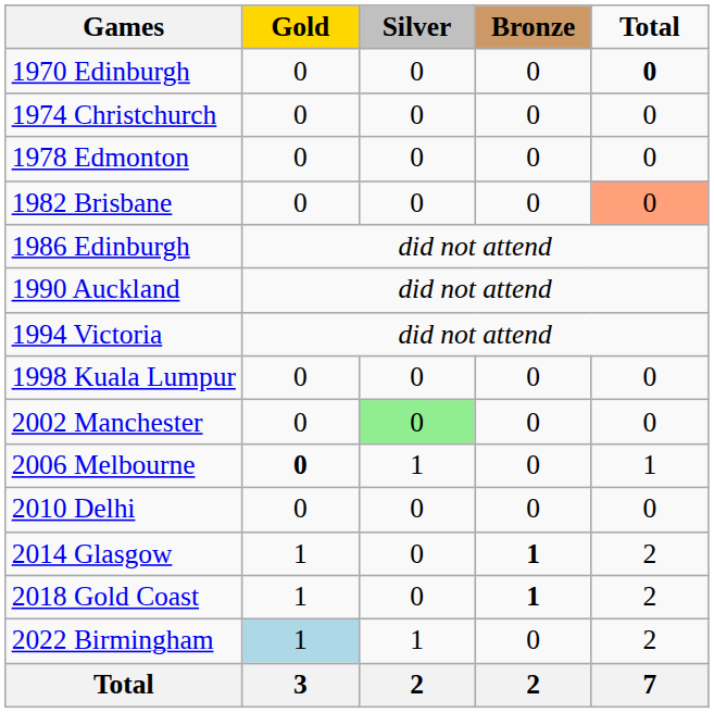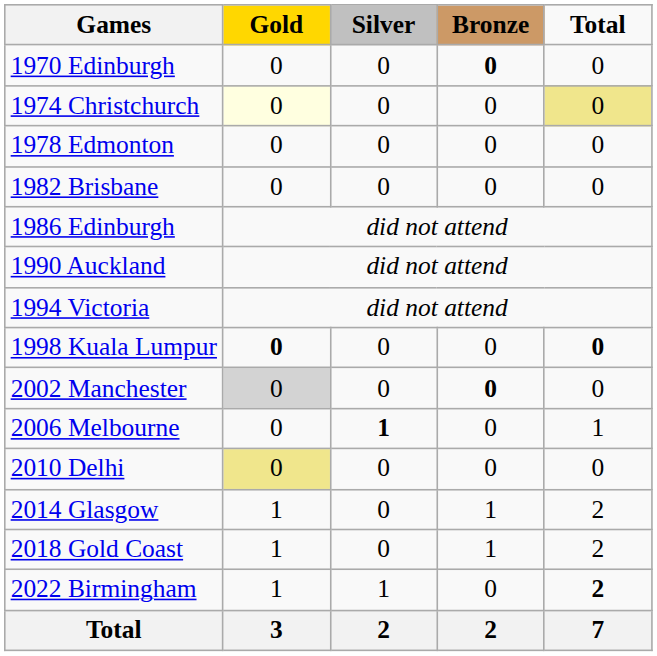 <table class="wikitable" style="text-align:center">
 <tr>
 <th>Games</th>
 <td width=60 bgcolor=gold><strong>Gold</strong></td>
 <td width=60 bgcolor=silver><strong>Silver</strong></td>
 <td width=60 bgcolor=cc9966><strong>Bronze</strong></td>
 <td width=60><strong>Total</strong></td>
 </tr>
 <tr>
 <td align=left><a href='#'>1970 Edinburgh</a></td>
 <td>0</td>
 <td>0</td>
+<td><strong>0</strong></td>
 <td>0</td>
-<td><strong>0</strong></td>
 </tr>
 <tr>
 <td align=left><a href='#'>1974 Christchurch</a></td>
+<td style="background: lightyellow;">0</td>
 <td>0</td>
 <td>0</td>
-<td>0</td>
-<td>0</td>
+<td style="background: khaki;">0</td>
 </tr>
 <tr>
 <td align=left><a href='#'>1978 Edmonton</a></td>
 <td>0</td>
 <td>0</td>
 <td>0</td>
 <td>0</td>
 </tr>
 <tr>
 <td align=left><a href='#'>1982 Brisbane</a></td>
 <td>0</td>
 <td>0</td>
 <td>0</td>
-<td style="background: lightsalmon;">0</td>
+<td>0</td>
 </tr>
 <tr>
 <td align=left><a href='#'>1986 Edinburgh</a></td>
 <td colspan=4><em>did not attend</em></td>
 </tr>
 <tr>
 <td align=left><a href='#'>1990 Auckland</a></td>
 <td colspan=4><em>did not attend</em></td>
 </tr>
 <tr>
 <td align=left><a href='#'>1994 Victoria</a></td>
 <td colspan=4><em>did not attend</em></td>
 </tr>
 <tr>
 <td align=left><a href='#'>1998 Kuala Lumpur</a></td>
+<td><strong>0</strong></td>
 <td>0</td>
 <td>0</td>
-<td>0</td>
-<td>0</td>
+<td><strong>0</strong></td>
 </tr>
 <tr>
 <td align=left><a href='#'>2002 Manchester</a></td>
+<td style="background: lightgrey;">0</td>
 <td>0</td>
-<td style="background: lightgreen;">0</td>
-<td>0</td>
+<td><strong>0</strong></td>
 <td>0</td>
 </tr>
 <tr>
 <td align=left><a href='#'>2006 Melbourne</a></td>
-<td><strong>0</strong></td>
-<td>1</td>
+<td>0</td>
+<td><strong>1</strong></td>
 <td>0</td>
 <td>1</td>
 </tr>
 <tr>
 <td align=left><a href='#'>2010 Delhi</a></td>
-<td>0</td>
+<td style="background: khaki;">0</td>
 <td>0</td>
 <td>0</td>
 <td>0</td>
 </tr>
 <tr>
 <td align=left><a href='#'>2014 Glasgow</a></td>
 <td>1</td>
 <td>0</td>
-<td><strong>1</strong></td>
+<td>1</td>
 <td>2</td>
 </tr>
 <tr>
 <td align=left><a href='#'>2018 Gold Coast</a></td>
 <td>1</td>
 <td>0</td>
-<td><strong>1</strong></td>
+<td>1</td>
 <td>2</td>
 </tr>
 <tr>
 <td align=left><a href='#'>2022 Birmingham</a></td>
-<td style="background: lightblue;">1</td>
+<td>1</td>
 <td>1</td>
 <td>0</td>
-<td>2</td>
+<td><strong>2</strong></td>
 </tr>
 <tr>
 <th>Total</th>
 <th>3</th>
 <th>2</th>
 <th>2</th>
 <th>7</th>
 </tr>
 </table>
